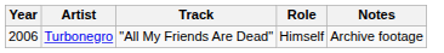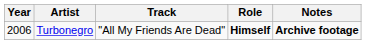 <table class="wikitable sortable">
 <tr>
 <th>Year</th>
 <th>Artist</th>
 <th>Track</th>
 <th>Role</th>
 <th class="unsortable">Notes</th>
 </tr>
 <tr>
 <td>2006</td>
 <td><a href='#'>Turbonegro</a></td>
 <td>"All My Friends Are Dead"</td>
-<td>Himself</td>
-<td>Archive footage</td>
+<td><strong>Himself</strong></td>
+<td><strong>Archive footage</strong></td>
 </tr>
 </table>
